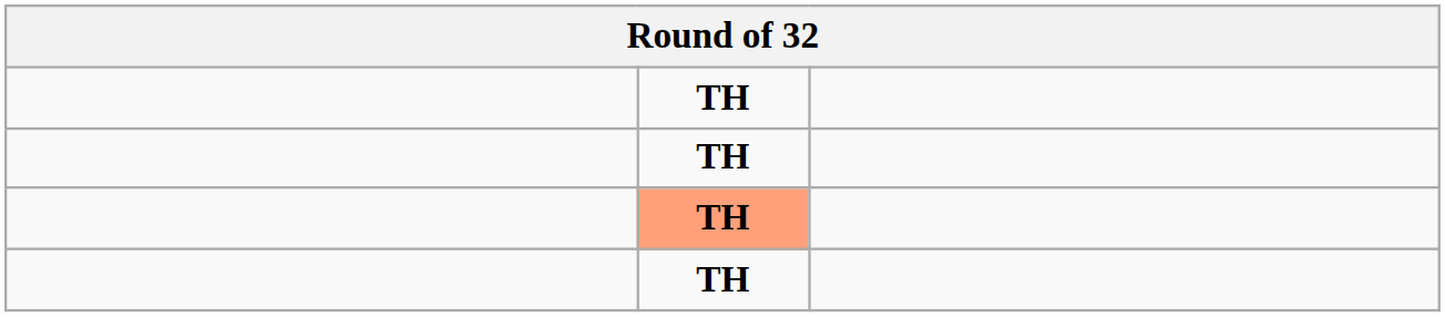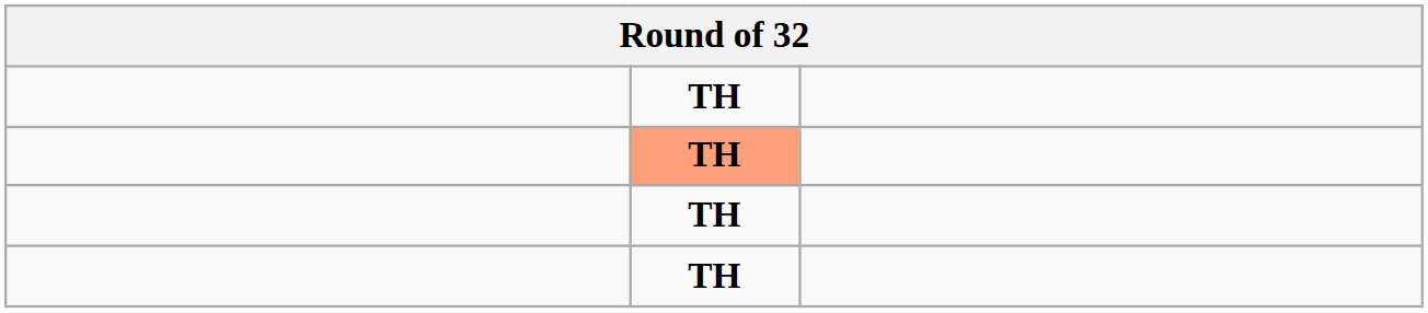 <table class="wikitable" style="text-align: center; font-size:90% ">
 <tr>
 <th colspan=3>Round of 32</th>
 </tr>
 <tr>
 <td align=left width="240"><strong></strong></td>
 <td align=center width="60"><strong>TH</strong></td>
 <td align=left width="240"></td>
 </tr>
 <tr>
 <td align=left></td>
-<td align=center><strong>TH</strong></td>
+<td align=center style="background: lightsalmon;"><strong>TH</strong></td>
 <td align=left><strong></strong></td>
 </tr>
 <tr>
 <td align=left><strong></strong></td>
-<td align=center style="background: lightsalmon;"><strong>TH</strong></td>
+<td align=center><strong>TH</strong></td>
 <td align=left></td>
 </tr>
 <tr>
 <td align=left></td>
 <td align=center><strong>TH</strong></td>
 <td align=left><strong></strong></td>
 </tr>
 </table>
